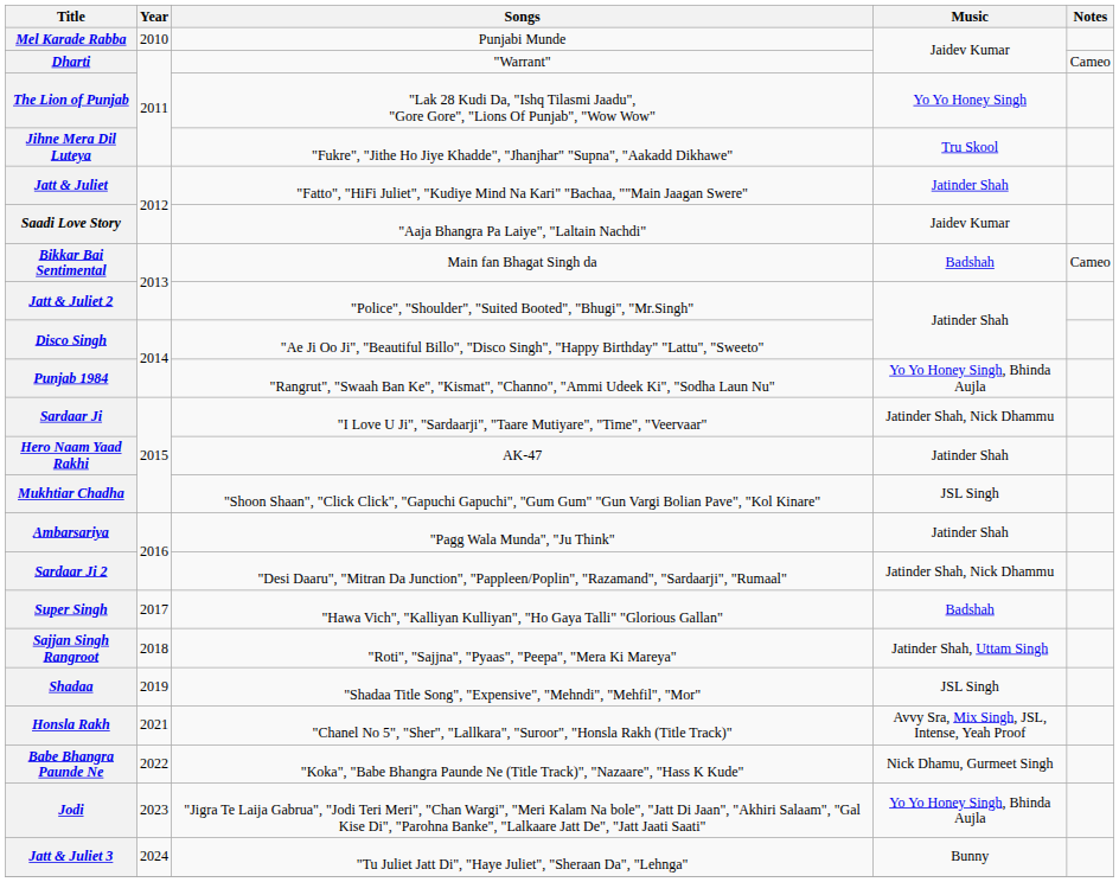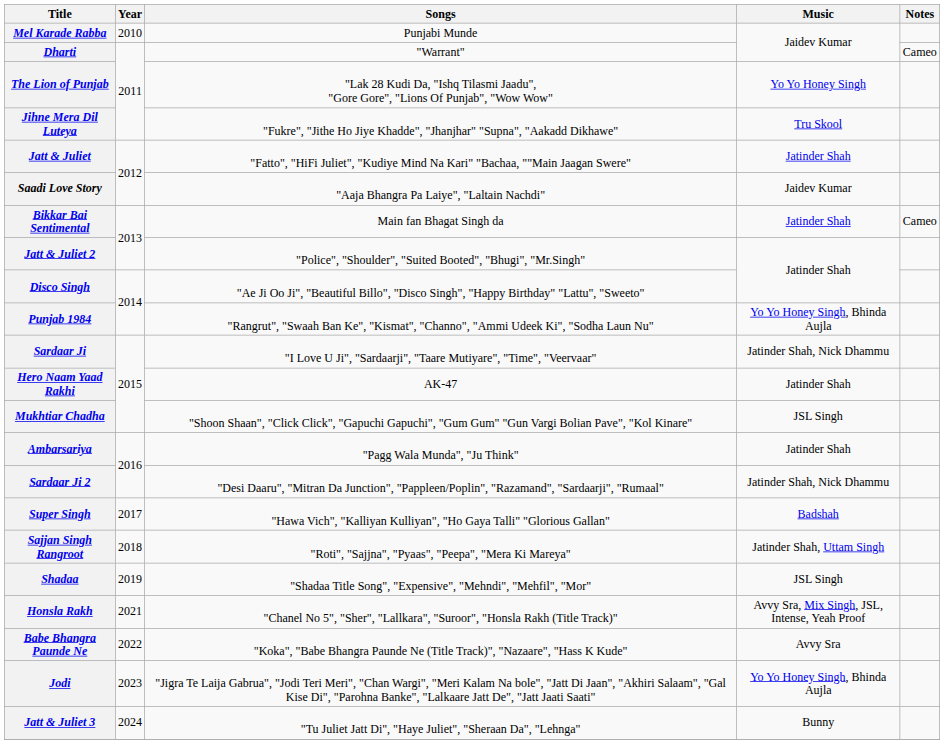 <table class="wikitable plainrowheaders"style="text-align:center;">
 <tr>
 <th>Title</th>
 <th>Year</th>
 <th>Songs</th>
 <th>Music</th>
 <th>Notes</th>
 </tr>
 <tr>
 <th scope="row"><em><a href='#'>Mel Karade Rabba</a></em></th>
 <td>2010</td>
 <td>Punjabi Munde</td>
 <td rowspan="2">Jaidev Kumar</td>
 <td></td>
 </tr>
 <tr>
 <th scope="row"><em><a href='#'>Dharti</a></em></th>
 <td rowspan="3">2011</td>
 <td>"Warrant"</td>
 <td>Cameo</td>
 </tr>
 <tr>
 <th scope="row"><em><a href='#'>The Lion of Punjab</a></em></th>
 <td><br>"Lak 28 Kudi Da, "Ishq Tilasmi Jaadu",<br>"Gore Gore", "Lions Of Punjab", "Wow Wow"</td>
 <td><a href='#'>Yo Yo Honey Singh</a></td>
 <td></td>
 </tr>
 <tr>
 <th scope="row"><em><a href='#'>Jihne Mera Dil Luteya</a></em> </th>
 <td><br>"Fukre", "Jithe Ho Jiye Khadde", "Jhanjhar" "Supna", "Aakadd Dikhawe"</td>
 <td><a href='#'>Tru Skool</a></td>
 <td></td>
 </tr>
 <tr>
 <th scope="row"><em><a href='#'>Jatt & Juliet</a></em></th>
 <td rowspan="2">2012</td>
 <td><br>"Fatto", "HiFi Juliet", "Kudiye Mind Na Kari" "Bachaa, ""Main Jaagan Swere"</td>
 <td><a href='#'>Jatinder Shah</a></td>
 <td></td>
 </tr>
 <tr>
 <th scope="row"><em>Saadi Love Story</em><br></th>
 <td><br>"Aaja Bhangra Pa Laiye", "Laltain Nachdi"</td>
 <td>Jaidev Kumar</td>
 <td></td>
 </tr>
 <tr>
 <th scope="row"><em><a href='#'>Bikkar Bai Sentimental</a></em></th>
 <td rowspan="2">2013</td>
 <td>Main fan Bhagat Singh da</td>
-<td><a href='#'>Badshah</a></td>
+<td><a href='#'>Jatinder Shah</a></td>
 <td>Cameo</td>
 </tr>
 <tr>
 <th scope="row"><em><a href='#'>Jatt & Juliet 2</a></em></th>
 <td><br>"Police", "Shoulder", "Suited Booted", "Bhugi", "Mr.Singh"</td>
 <td rowspan="2">Jatinder Shah</td>
 <td></td>
 </tr>
 <tr>
 <th scope="row"><em><a href='#'>Disco Singh</a></em></th>
 <td rowspan="2">2014</td>
 <td><br>"Ae Ji Oo Ji", "Beautiful Billo", "Disco Singh", "Happy Birthday" "Lattu", "Sweeto"</td>
 <td></td>
 </tr>
 <tr>
 <th scope="row"><em><a href='#'>Punjab 1984</a></em></th>
 <td><br>"Rangrut", "Swaah Ban Ke", "Kismat", "Channo", "Ammi Udeek Ki", "Sodha Laun Nu"</td>
 <td><a href='#'>Yo Yo Honey Singh</a>, Bhinda Aujla</td>
 <td></td>
 </tr>
 <tr>
 <th scope="row"><em><a href='#'>Sardaar Ji</a></em></th>
 <td rowspan="3">2015</td>
 <td><br>"I Love U Ji", "Sardaarji", "Taare Mutiyare", "Time", "Veervaar"</td>
 <td>Jatinder Shah, Nick Dhammu</td>
 <td></td>
 </tr>
 <tr>
 <th scope="row"><em><a href='#'>Hero Naam Yaad Rakhi</a></em></th>
 <td>AK-47</td>
 <td>Jatinder Shah</td>
 <td></td>
 </tr>
 <tr>
 <th scope="row"><em><a href='#'>Mukhtiar Chadha</a></em></th>
 <td><br>"Shoon Shaan", "Click Click", "Gapuchi Gapuchi", "Gum Gum" "Gun Vargi Bolian Pave", "Kol Kinare"</td>
 <td>JSL Singh</td>
 <td></td>
 </tr>
 <tr>
 <th scope="row"><em><a href='#'>Ambarsariya</a></em></th>
 <td rowspan="2">2016</td>
 <td><br>"Pagg Wala Munda", "Ju Think"</td>
 <td>Jatinder Shah</td>
 <td></td>
 </tr>
 <tr>
 <th scope="row"><em><a href='#'>Sardaar Ji 2</a></em></th>
 <td><br>"Desi Daaru", "Mitran Da Junction", "Pappleen/Poplin", "Razamand",  "Sardaarji", "Rumaal"</td>
 <td>Jatinder Shah, Nick Dhammu</td>
 <td></td>
 </tr>
 <tr>
 <th scope="row"><em><a href='#'>Super Singh</a></em></th>
 <td>2017</td>
 <td><br>"Hawa Vich", "Kalliyan Kulliyan", "Ho Gaya Talli" "Glorious Gallan"</td>
 <td><a href='#'>Badshah</a></td>
 <td></td>
 </tr>
 <tr>
 <th scope="row"><em><a href='#'>Sajjan Singh Rangroot</a></em></th>
 <td>2018</td>
 <td><br>"Roti", "Sajjna", "Pyaas", "Peepa", "Mera Ki Mareya"</td>
 <td>Jatinder Shah, <a href='#'>Uttam Singh</a></td>
 <td></td>
 </tr>
 <tr>
 <th scope="row"><em><a href='#'>Shadaa</a></em></th>
 <td>2019</td>
 <td><br>"Shadaa Title Song", "Expensive", "Mehndi", "Mehfil", "Mor"</td>
 <td>JSL Singh</td>
 <td></td>
 </tr>
 <tr>
 <th scope="row"><em><a href='#'>Honsla Rakh</a></em></th>
 <td>2021</td>
 <td><br>"Chanel No 5", "Sher", "Lallkara", "Suroor", "Honsla Rakh (Title Track)"</td>
 <td>Avvy Sra,  <a href='#'>Mix Singh</a>, JSL, Intense, Yeah Proof</td>
 <td></td>
 </tr>
 <tr>
 <th scope="row"><em><a href='#'>Babe Bhangra Paunde Ne</a></em></th>
 <td>2022</td>
 <td><br>"Koka", "Babe Bhangra Paunde Ne (Title Track)", "Nazaare", "Hass K Kude"</td>
-<td>Nick Dhamu, Gurmeet Singh</td>
+<td>Avvy Sra</td>
 <td></td>
 </tr>
 <tr>
 <th scope="row"><em><a href='#'>Jodi</a></em></th>
 <td>2023</td>
 <td><br>"Jigra Te Laija Gabrua", "Jodi Teri Meri", "Chan Wargi", "Meri Kalam Na bole", "Jatt Di Jaan", "Akhiri Salaam", "Gal Kise Di", "Parohna Banke", "Lalkaare Jatt De", "Jatt Jaati Saati"</td>
 <td><a href='#'>Yo Yo Honey Singh</a>, Bhinda Aujla</td>
 <td></td>
 </tr>
 <tr>
 <th scope="row"><em><a href='#'>Jatt & Juliet 3</a></em></th>
 <td>2024</td>
 <td><br>"Tu Juliet Jatt Di", "Haye Juliet", "Sheraan Da", "Lehnga"</td>
 <td>Bunny</td>
 <td></td>
 </tr>
 <tr>
 </tr>
 </table>
